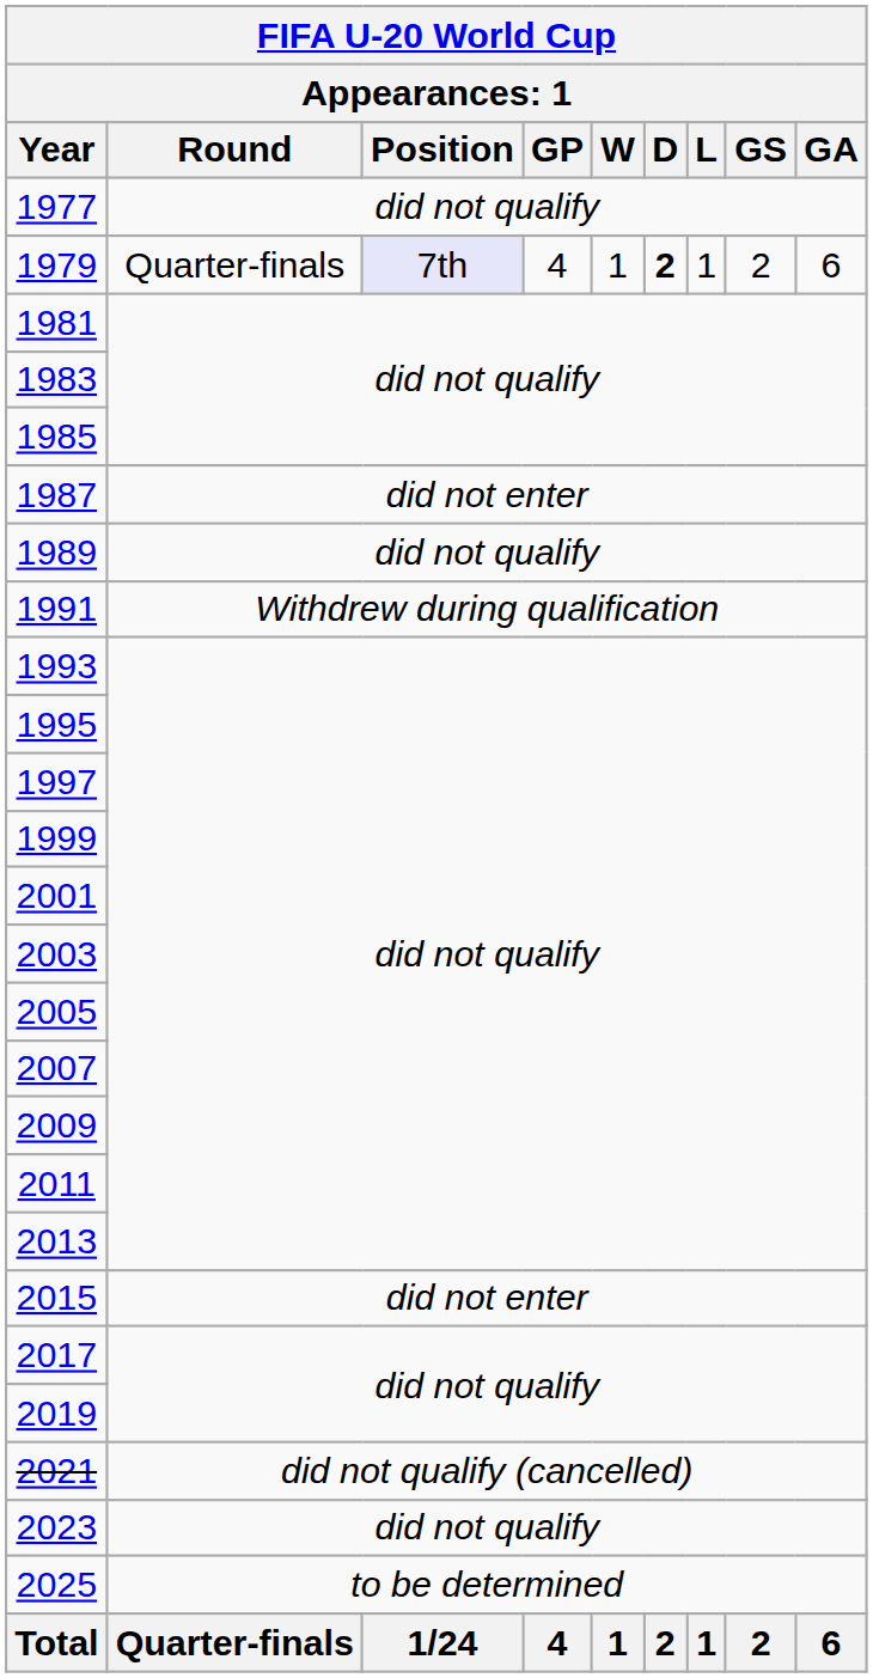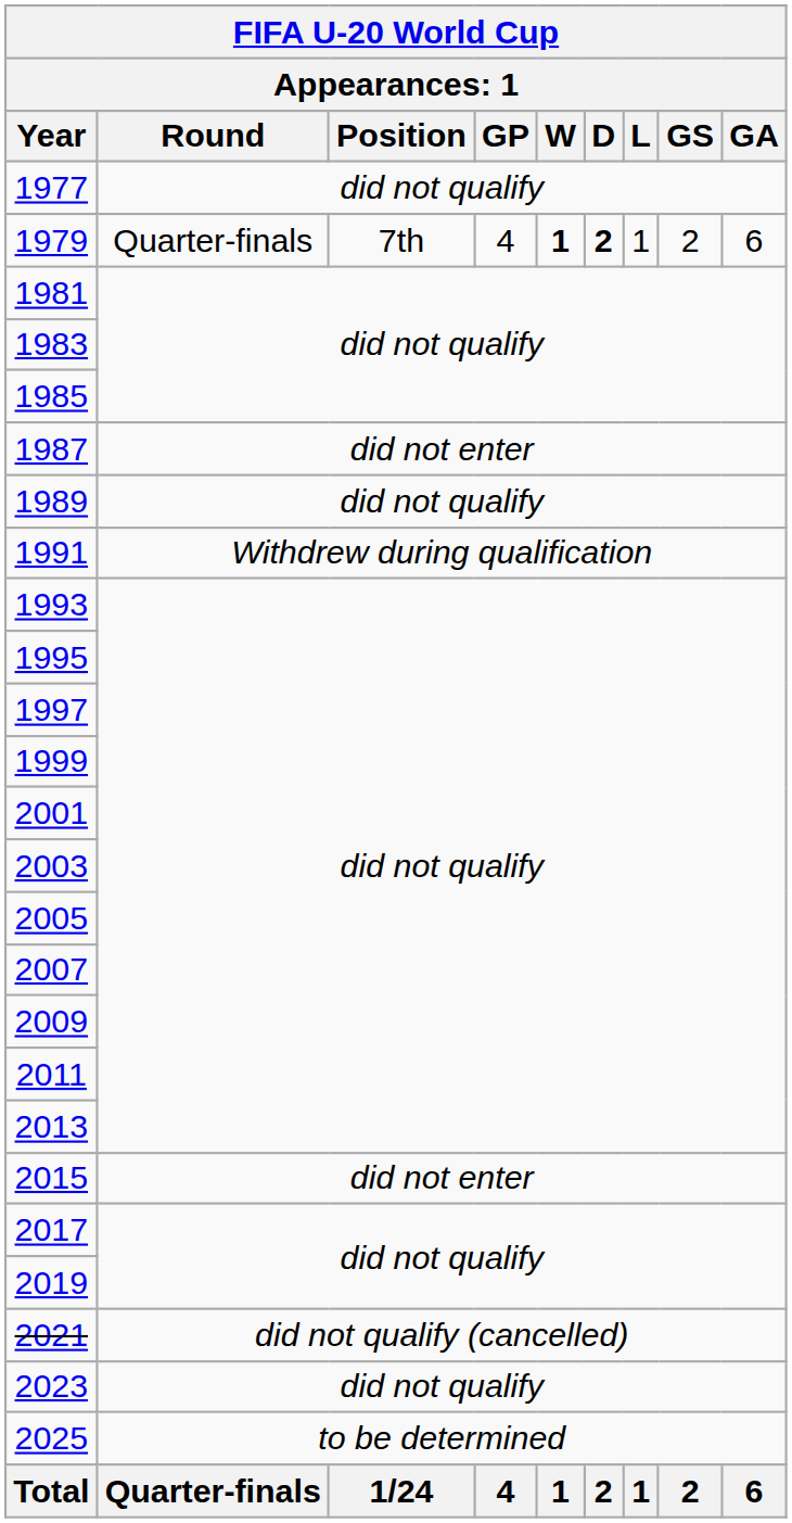 <table class="wikitable" style="text-align: center;font-size:90%;">
 <tr>
 <th colspan=9><a href='#'>FIFA U-20 World Cup</a></th>
 </tr>
 <tr>
 <th colspan=9>Appearances: 1</th>
 </tr>
 <tr>
 <th>Year</th>
 <th>Round</th>
 <th>Position</th>
 <th>GP</th>
 <th>W</th>
 <th>D</th>
 <th>L</th>
 <th>GS</th>
 <th>GA</th>
 </tr>
 <tr>
 <td> <a href='#'>1977</a></td>
 <td colspan=8 rowspan=1><em>did not qualify</em></td>
 </tr>
 <tr>
 <td> <a href='#'>1979</a></td>
 <td>Quarter-finals</td>
-<td style="background: lavender;">7th</td>
+<td>7th</td>
 <td>4</td>
-<td>1</td>
+<td><strong>1</strong></td>
 <td><strong>2</strong></td>
 <td>1</td>
 <td>2</td>
 <td>6</td>
 </tr>
 <tr>
 <td> <a href='#'>1981</a></td>
 <td colspan=8 rowspan=3><em>did not qualify</em></td>
 </tr>
 <tr>
 <td> <a href='#'>1983</a></td>
 </tr>
 <tr>
 <td> <a href='#'>1985</a></td>
 </tr>
 <tr>
 <td> <a href='#'>1987</a></td>
 <td colspan=8 rowspan=1><em>did not enter</em></td>
 </tr>
 <tr>
 <td> <a href='#'>1989</a></td>
 <td colspan=8 rowspan=1><em>did not qualify</em></td>
 </tr>
 <tr>
 <td> <a href='#'>1991</a></td>
 <td colspan=8 rowspan=1><em>Withdrew during qualification</em></td>
 </tr>
 <tr>
 <td> <a href='#'>1993</a></td>
 <td colspan=8 rowspan=11><em>did not qualify</em></td>
 </tr>
 <tr>
 <td> <a href='#'>1995</a></td>
 </tr>
 <tr>
 <td> <a href='#'>1997</a></td>
 </tr>
 <tr>
 <td> <a href='#'>1999</a></td>
 </tr>
 <tr>
 <td> <a href='#'>2001</a></td>
 </tr>
 <tr>
 <td> <a href='#'>2003</a></td>
 </tr>
 <tr>
 <td> <a href='#'>2005</a></td>
 </tr>
 <tr>
 <td> <a href='#'>2007</a></td>
 </tr>
 <tr>
 <td> <a href='#'>2009</a></td>
 </tr>
 <tr>
 <td> <a href='#'>2011</a></td>
 </tr>
 <tr>
 <td> <a href='#'>2013</a></td>
 </tr>
 <tr>
 <td> <a href='#'>2015</a></td>
 <td colspan=8 rowspan=1><em>did not enter</em></td>
 </tr>
 <tr>
 <td> <a href='#'>2017</a></td>
 <td colspan=8 rowspan=2><em>did not qualify</em></td>
 </tr>
 <tr>
 <td> <a href='#'>2019</a></td>
 </tr>
 <tr>
 <td> <s><a href='#'>2021</a></s></td>
 <td colspan=8><em>did not qualify (cancelled)</em></td>
 </tr>
 <tr>
 <td> <a href='#'>2023</a></td>
 <td colspan=8><em>did not qualify</em></td>
 </tr>
 <tr>
 <td> <a href='#'>2025</a></td>
 <td colspan=8><em>to be determined</em></td>
 </tr>
 <tr>
 <th>Total</th>
 <th>Quarter-finals</th>
 <th>1/24</th>
 <th>4</th>
 <th>1</th>
 <th>2</th>
 <th>1</th>
 <th>2</th>
 <th>6</th>
 </tr>
 </table>
